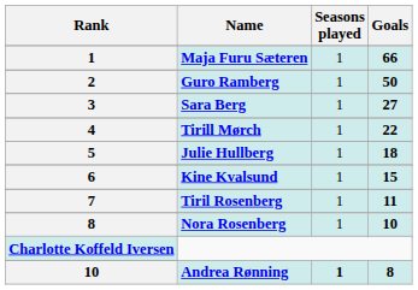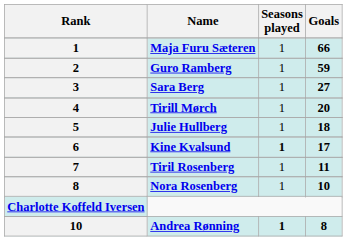 <table class="wikitable" style="text-align: center;">
 <tr>
 <th>Rank</th>
 <th class="unsortable">Name</th>
 <th>Seasons<br>played</th>
 <th>Goals</th>
 </tr>
 <tr>
 </tr>
 <tr style="background-color: #CFECEC;">
 <th>1</th>
 <td style="text-align: left;"> <strong><a href='#'>Maja Furu Sæteren</a></strong></td>
 <td>1</td>
 <td><strong>66</strong></td>
 </tr>
 <tr>
 </tr>
 <tr style="background-color: #CFECEC;">
 <th>2</th>
 <td style="text-align: left;"> <strong><a href='#'>Guro Ramberg</a></strong></td>
 <td>1</td>
-<td><strong>50</strong></td>
+<td><strong>59</strong></td>
 </tr>
 <tr>
 </tr>
 <tr style="background-color: #CFECEC;">
 <th>3</th>
 <td style="text-align: left;"> <strong><a href='#'>Sara Berg</a></strong></td>
 <td>1</td>
 <td><strong>27</strong></td>
 </tr>
 <tr>
 </tr>
 <tr style="background-color: #CFECEC;">
 <th>4</th>
 <td style="text-align: left;"> <strong><a href='#'>Tirill Mørch</a></strong></td>
 <td>1</td>
-<td><strong>22</strong></td>
+<td><strong>20</strong></td>
 </tr>
 <tr>
 </tr>
 <tr style="background-color: #CFECEC;">
 <th>5</th>
 <td style="text-align: left;"> <strong><a href='#'>Julie Hullberg</a></strong></td>
 <td>1</td>
 <td><strong>18</strong></td>
 </tr>
 <tr>
 </tr>
 <tr style="background-color: #CFECEC;">
 <th>6</th>
 <td style="text-align: left;"> <strong><a href='#'>Kine Kvalsund</a></strong></td>
-<td>1</td>
-<td><strong>15</strong></td>
+<td><strong>1</strong></td>
+<td><strong>17</strong></td>
 </tr>
 <tr>
 </tr>
 <tr style="background-color: #CFECEC;">
 <th>7</th>
 <td style="text-align: left;"> <strong><a href='#'>Tiril Rosenberg</a></strong></td>
 <td>1</td>
 <td><strong>11</strong></td>
 </tr>
 <tr>
 </tr>
 <tr style="background-color: #CFECEC;">
 <th rowspan=2>8</th>
 <td style="text-align: left;"> <strong><a href='#'>Nora Rosenberg</a></strong></td>
 <td rowspan=2>1</td>
 <td rowspan=2><strong>10</strong></td>
 </tr>
 <tr>
 </tr>
 <tr style="background-color: #CFECEC;">
 <td style="text-align: left;"> <strong><a href='#'>Charlotte Koffeld Iversen</a></strong></td>
 </tr>
 <tr>
 </tr>
 <tr style="background-color: #CFECEC;">
 <th>10</th>
 <td style="text-align: left;"> <strong><a href='#'>Andrea Rønning</a></strong></td>
 <td><strong>1</strong></td>
 <td><strong>8</strong></td>
 </tr>
 </table>
